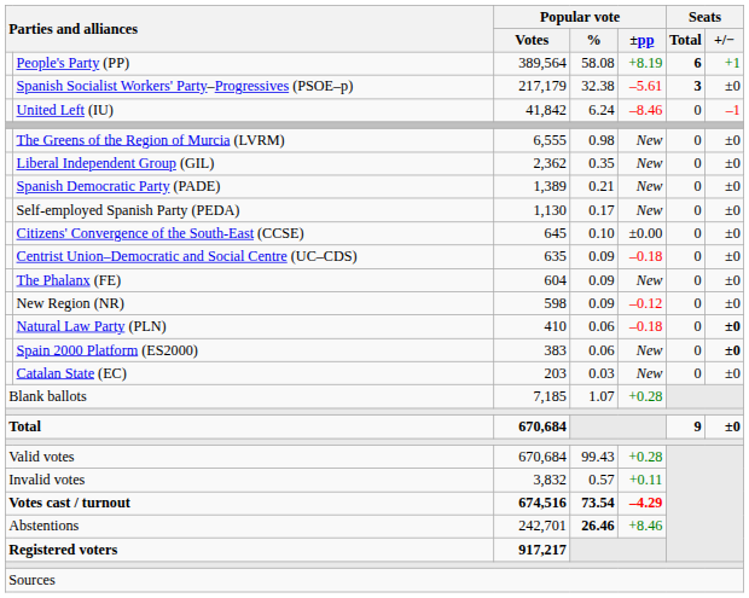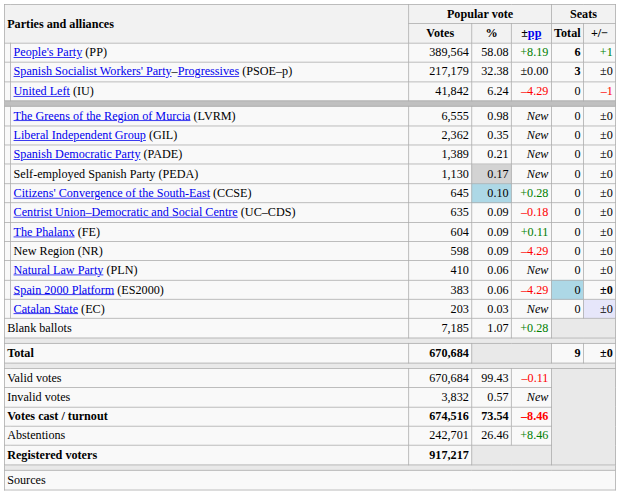 <table class="wikitable" style="text-align:right;">
 <tr>
 <th style="text-align:left;" rowspan="2" colspan="2" width="525">Parties and alliances</th>
 <th colspan="3">Popular vote</th>
 <th colspan="2">Seats</th>
 </tr>
 <tr>
 <th width="75">Votes</th>
 <th width="45">%</th>
 <th width="45">±<a href='#'>pp</a></th>
 <th width="35">Total</th>
 <th width="35">+/−</th>
 </tr>
 <tr>
 <td width="1" style="color:inherit;background:"></td>
 <td align="left"><a href='#'>People's Party</a> (PP)</td>
 <td>389,564</td>
 <td>58.08</td>
 <td style="color:green;">+8.19</td>
 <td><strong>6</strong></td>
 <td style="color:green;">+1</td>
 </tr>
 <tr>
 <td style="color:inherit;background:"></td>
 <td align="left"><a href='#'>Spanish Socialist Workers' Party</a>–<a href='#'>Progressives</a> (PSOE–p)</td>
 <td>217,179</td>
 <td>32.38</td>
-<td style="color:red;">–5.61</td>
+<td>±0.00</td>
 <td><strong>3</strong></td>
 <td>±0</td>
 </tr>
 <tr>
 <td style="color:inherit;background:"></td>
 <td align="left"><a href='#'>United Left</a> (IU)</td>
 <td>41,842</td>
 <td>6.24</td>
-<td style="color:red;">–8.46</td>
+<td style="color:red;">–4.29</td>
 <td>0</td>
 <td style="color:red;">–1</td>
 </tr>
 <tr>
 <td colspan="7" bgcolor="#C0C0C0"></td>
 </tr>
 <tr>
 <td style="color:inherit;background:"></td>
 <td align="left"><a href='#'>The Greens of the Region of Murcia</a> (LVRM)</td>
 <td>6,555</td>
 <td>0.98</td>
 <td><em>New</em></td>
 <td>0</td>
 <td>±0</td>
 </tr>
 <tr>
 <td style="color:inherit;background:"></td>
 <td align="left"><a href='#'>Liberal Independent Group</a> (GIL)</td>
 <td>2,362</td>
 <td>0.35</td>
 <td><em>New</em></td>
 <td>0</td>
 <td>±0</td>
 </tr>
 <tr>
 <td style="color:inherit;background:"></td>
 <td align="left"><a href='#'>Spanish Democratic Party</a> (PADE)</td>
 <td>1,389</td>
 <td>0.21</td>
 <td><em>New</em></td>
 <td>0</td>
 <td>±0</td>
 </tr>
 <tr>
 <td style="color:inherit;background:"></td>
 <td align="left">Self-employed Spanish Party (PEDA)</td>
 <td>1,130</td>
-<td>0.17</td>
+<td style="background: lightgrey;">0.17</td>
 <td><em>New</em></td>
 <td>0</td>
 <td>±0</td>
 </tr>
 <tr>
 <td style="color:inherit;background:"></td>
 <td align="left"><a href='#'>Citizens' Convergence of the South-East</a> (CCSE)</td>
 <td>645</td>
-<td>0.10</td>
-<td>±0.00</td>
+<td style="background: lightblue;">0.10</td>
+<td style="color:green;">+0.28</td>
 <td>0</td>
 <td>±0</td>
 </tr>
 <tr>
 <td style="color:inherit;background:"></td>
 <td align="left"><a href='#'>Centrist Union–Democratic and Social Centre</a> (UC–CDS)</td>
 <td>635</td>
 <td>0.09</td>
 <td style="color:red;">–0.18</td>
 <td>0</td>
 <td>±0</td>
 </tr>
 <tr>
 <td style="color:inherit;background:"></td>
 <td align="left"><a href='#'>The Phalanx</a> (FE)</td>
 <td>604</td>
 <td>0.09</td>
-<td><em>New</em></td>
+<td style="color:green;">+0.11</td>
 <td>0</td>
 <td>±0</td>
 </tr>
 <tr>
 <td style="color:inherit;background:"></td>
 <td align="left">New Region (NR)</td>
 <td>598</td>
 <td>0.09</td>
-<td style="color:red;">–0.12</td>
+<td style="color:red;">–4.29</td>
 <td>0</td>
 <td>±0</td>
 </tr>
 <tr>
 <td style="color:inherit;background:"></td>
 <td align="left"><a href='#'>Natural Law Party</a> (PLN)</td>
 <td>410</td>
 <td>0.06</td>
-<td style="color:red;">–0.18</td>
+<td><em>New</em></td>
 <td>0</td>
-<td><strong>±0</strong></td>
+<td>±0</td>
 </tr>
 <tr>
 <td style="color:inherit;background:"></td>
 <td align="left"><a href='#'>Spain 2000 Platform</a> (ES2000)</td>
 <td>383</td>
 <td>0.06</td>
-<td><em>New</em></td>
-<td>0</td>
+<td style="color:red;">–4.29</td>
+<td style="background: lightblue;">0</td>
 <td><strong>±0</strong></td>
 </tr>
 <tr>
 <td style="color:inherit;background:"></td>
 <td align="left"><a href='#'>Catalan State</a> (EC)</td>
 <td>203</td>
 <td>0.03</td>
 <td><em>New</em></td>
 <td>0</td>
-<td>±0</td>
+<td style="background: lavender;">±0</td>
 </tr>
 <tr>
 <td align="left" colspan="2">Blank ballots</td>
 <td>7,185</td>
 <td>1.07</td>
 <td style="color:green;">+0.28</td>
 <td bgcolor="#E9E9E9" colspan="2"></td>
 </tr>
 <tr>
 <td colspan="7" bgcolor="#E9E9E9"></td>
 </tr>
 <tr style="font-weight:bold;">
 <td align="left" colspan="2">Total</td>
 <td>670,684</td>
 <td bgcolor="#E9E9E9" colspan="2"></td>
 <td>9</td>
 <td>±0</td>
 </tr>
 <tr>
 <td colspan="7" bgcolor="#E9E9E9"></td>
 </tr>
 <tr>
 <td align="left" colspan="2">Valid votes</td>
 <td>670,684</td>
 <td>99.43</td>
-<td style="color:green;">+0.28</td>
+<td style="color:red;">–0.11</td>
 <td bgcolor="#E9E9E9" colspan="2" rowspan="5"></td>
 </tr>
 <tr>
 <td align="left" colspan="2">Invalid votes</td>
 <td>3,832</td>
 <td>0.57</td>
-<td style="color:green;">+0.11</td>
+<td><em>New</em></td>
 </tr>
 <tr style="font-weight:bold;">
 <td align="left" colspan="2">Votes cast / turnout</td>
 <td>674,516</td>
 <td>73.54</td>
-<td style="color:red;">–4.29</td>
+<td style="color:red;">–8.46</td>
 </tr>
 <tr>
 <td align="left" colspan="2">Abstentions</td>
 <td>242,701</td>
-<td><strong>26.46</strong></td>
+<td>26.46</td>
 <td style="color:green;">+8.46</td>
 </tr>
 <tr style="font-weight:bold;">
 <td align="left" colspan="2">Registered voters</td>
 <td>917,217</td>
 <td bgcolor="#E9E9E9" colspan="2"></td>
 </tr>
 <tr>
 <td colspan="7" bgcolor="#E9E9E9"></td>
 </tr>
 <tr>
 <td align="left" colspan="7">Sources</td>
 </tr>
 </table>
